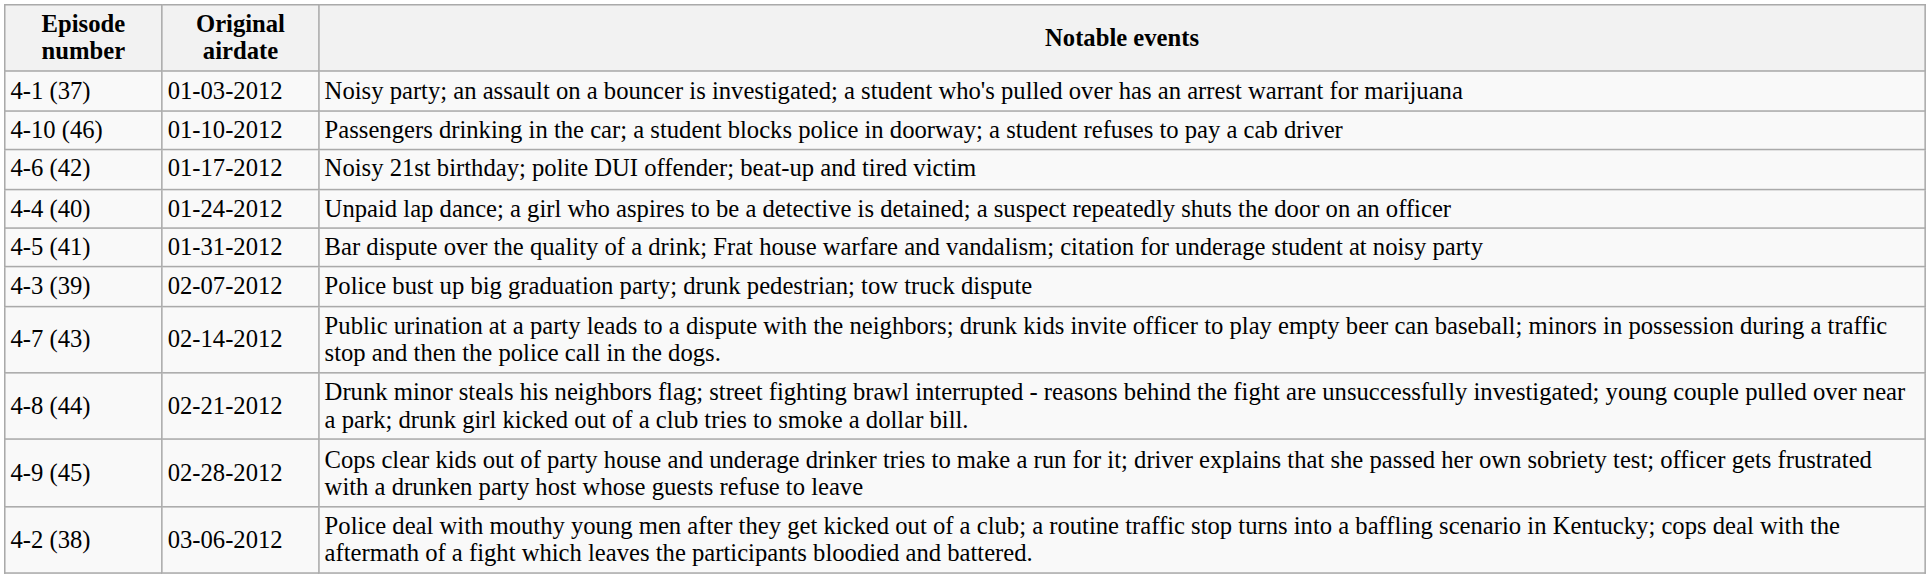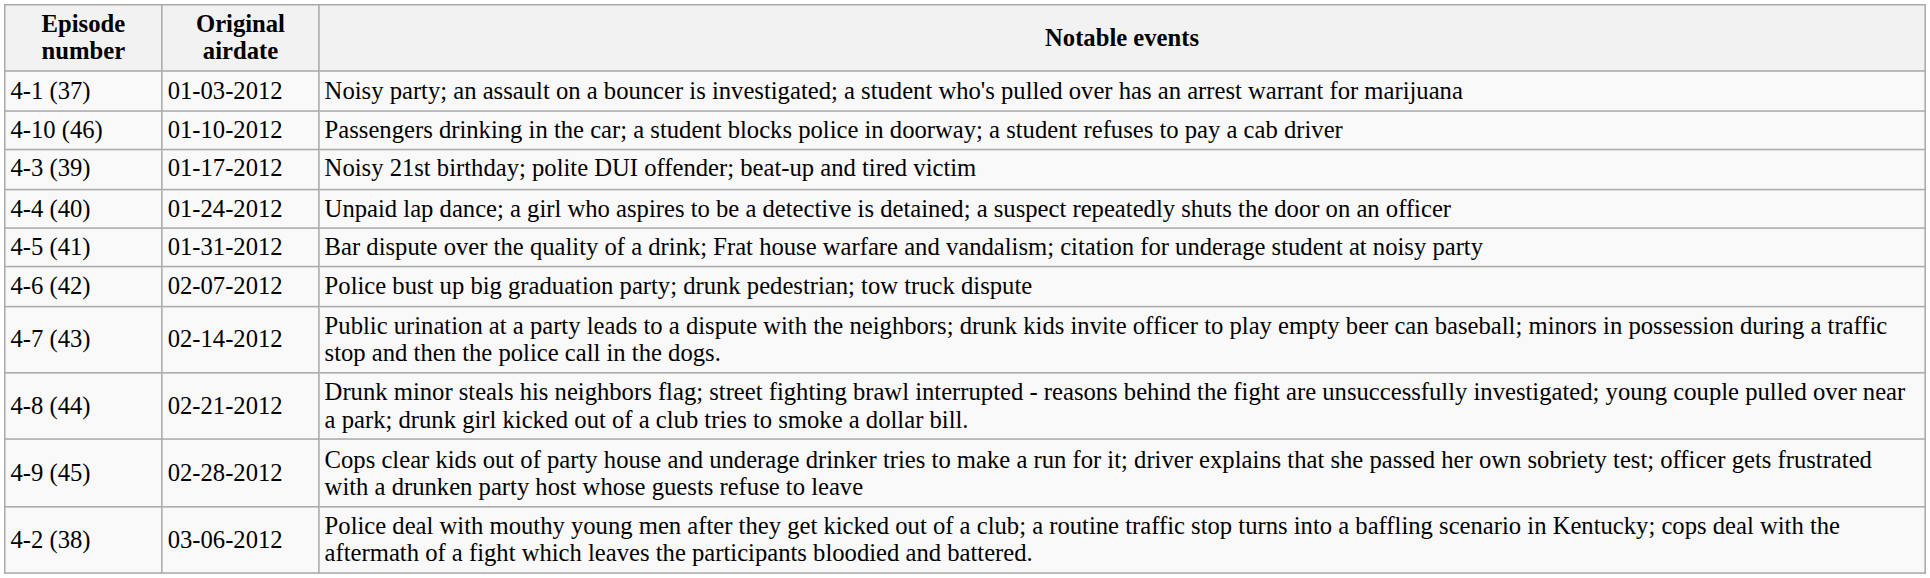 <table class="wikitable" border="1">
 <tr>
 <th>Episode number</th>
 <th>Original airdate</th>
 <th>Notable events</th>
 </tr>
 <tr>
 <td>4-1 (37)</td>
 <td>01-03-2012</td>
 <td>Noisy party; an assault on a bouncer is investigated; a student who's pulled over has an arrest warrant for marijuana</td>
 </tr>
 <tr>
 <td>4-10 (46)</td>
 <td>01-10-2012</td>
 <td>Passengers drinking in the car; a student blocks police in doorway; a student refuses to pay a cab driver</td>
 </tr>
 <tr>
-<td>4-6 (42)</td>
+<td>4-3 (39)</td>
 <td>01-17-2012</td>
 <td>Noisy 21st birthday; polite DUI offender; beat-up and tired victim</td>
 </tr>
 <tr>
 <td>4-4 (40)</td>
 <td>01-24-2012</td>
 <td>Unpaid lap dance; a girl who aspires to be a detective is detained; a suspect repeatedly shuts the door on an officer</td>
 </tr>
 <tr>
 <td>4-5 (41)</td>
 <td>01-31-2012</td>
 <td>Bar dispute over the quality of a drink; Frat house warfare and vandalism; citation for underage student at noisy party</td>
 </tr>
 <tr>
-<td>4-3 (39)</td>
+<td>4-6 (42)</td>
 <td>02-07-2012</td>
 <td>Police bust up big graduation party; drunk pedestrian; tow truck dispute</td>
 </tr>
 <tr>
 <td>4-7 (43)</td>
 <td>02-14-2012</td>
 <td>Public urination at a party leads to a dispute with the neighbors; drunk kids invite officer to play empty beer can baseball; minors in possession during a traffic stop and then the police call in the dogs.</td>
 </tr>
 <tr>
 <td>4-8 (44)</td>
 <td>02-21-2012</td>
 <td>Drunk minor steals his neighbors flag; street fighting brawl interrupted - reasons behind the fight are unsuccessfully investigated; young couple pulled over near a park; drunk girl kicked out of a club tries to smoke a dollar bill.</td>
 </tr>
 <tr>
 <td>4-9 (45)</td>
 <td>02-28-2012</td>
 <td>Cops clear kids out of party house and underage drinker tries to make a run for it; driver explains that she passed her own sobriety test; officer gets frustrated with a drunken party host whose guests refuse to leave</td>
 </tr>
 <tr>
 <td>4-2 (38)</td>
 <td>03-06-2012</td>
 <td>Police deal with mouthy young men after they get kicked out of a club; a routine traffic stop turns into a baffling scenario in Kentucky; cops deal with the aftermath of a fight which leaves the participants bloodied and battered.</td>
 </tr>
 </table>
